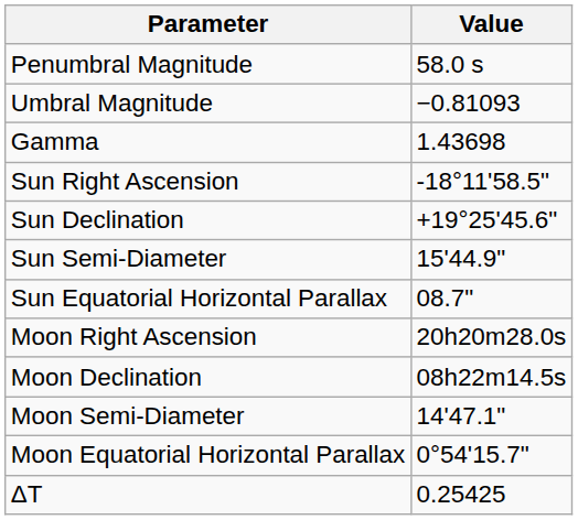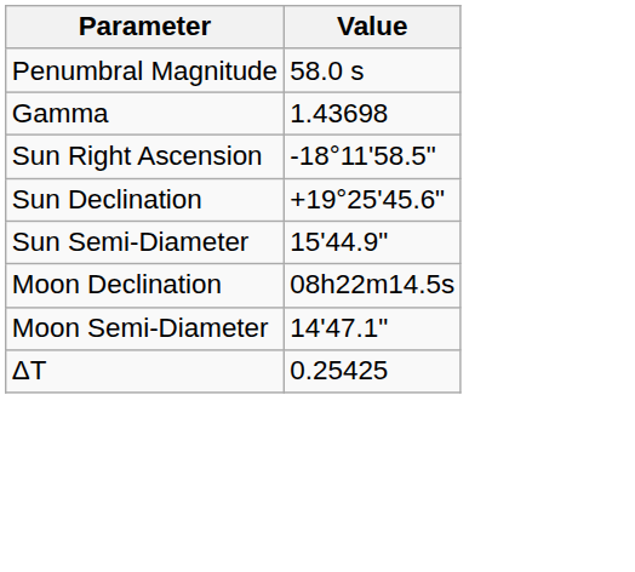 <table class="wikitable">
 <tr>
 <th>Parameter</th>
 <th>Value</th>
 </tr>
 <tr>
 <td>Penumbral Magnitude</td>
 <td>58.0 s</td>
-</tr>
-<tr>
-<td>Umbral Magnitude</td>
-<td>−0.81093</td>
 </tr>
 <tr>
 <td>Gamma</td>
 <td>1.43698</td>
 </tr>
 <tr>
 <td>Sun Right Ascension</td>
 <td>-18°11'58.5"</td>
 </tr>
 <tr>
 <td>Sun Declination</td>
 <td>+19°25'45.6"</td>
 </tr>
 <tr>
 <td>Sun Semi-Diameter</td>
 <td>15'44.9"</td>
 </tr>
 <tr>
-<td>Sun Equatorial Horizontal Parallax</td>
-<td>08.7"</td>
-</tr>
-<tr>
-<td>Moon Right Ascension</td>
-<td>20h20m28.0s</td>
-</tr>
-<tr>
 <td>Moon Declination</td>
 <td>08h22m14.5s</td>
 </tr>
 <tr>
 <td>Moon Semi-Diameter</td>
 <td>14'47.1"</td>
 </tr>
 <tr>
-<td>Moon Equatorial Horizontal Parallax</td>
-<td>0°54'15.7"</td>
-</tr>
-<tr>
 <td>ΔT</td>
 <td>0.25425</td>
 </tr>
 </table>
